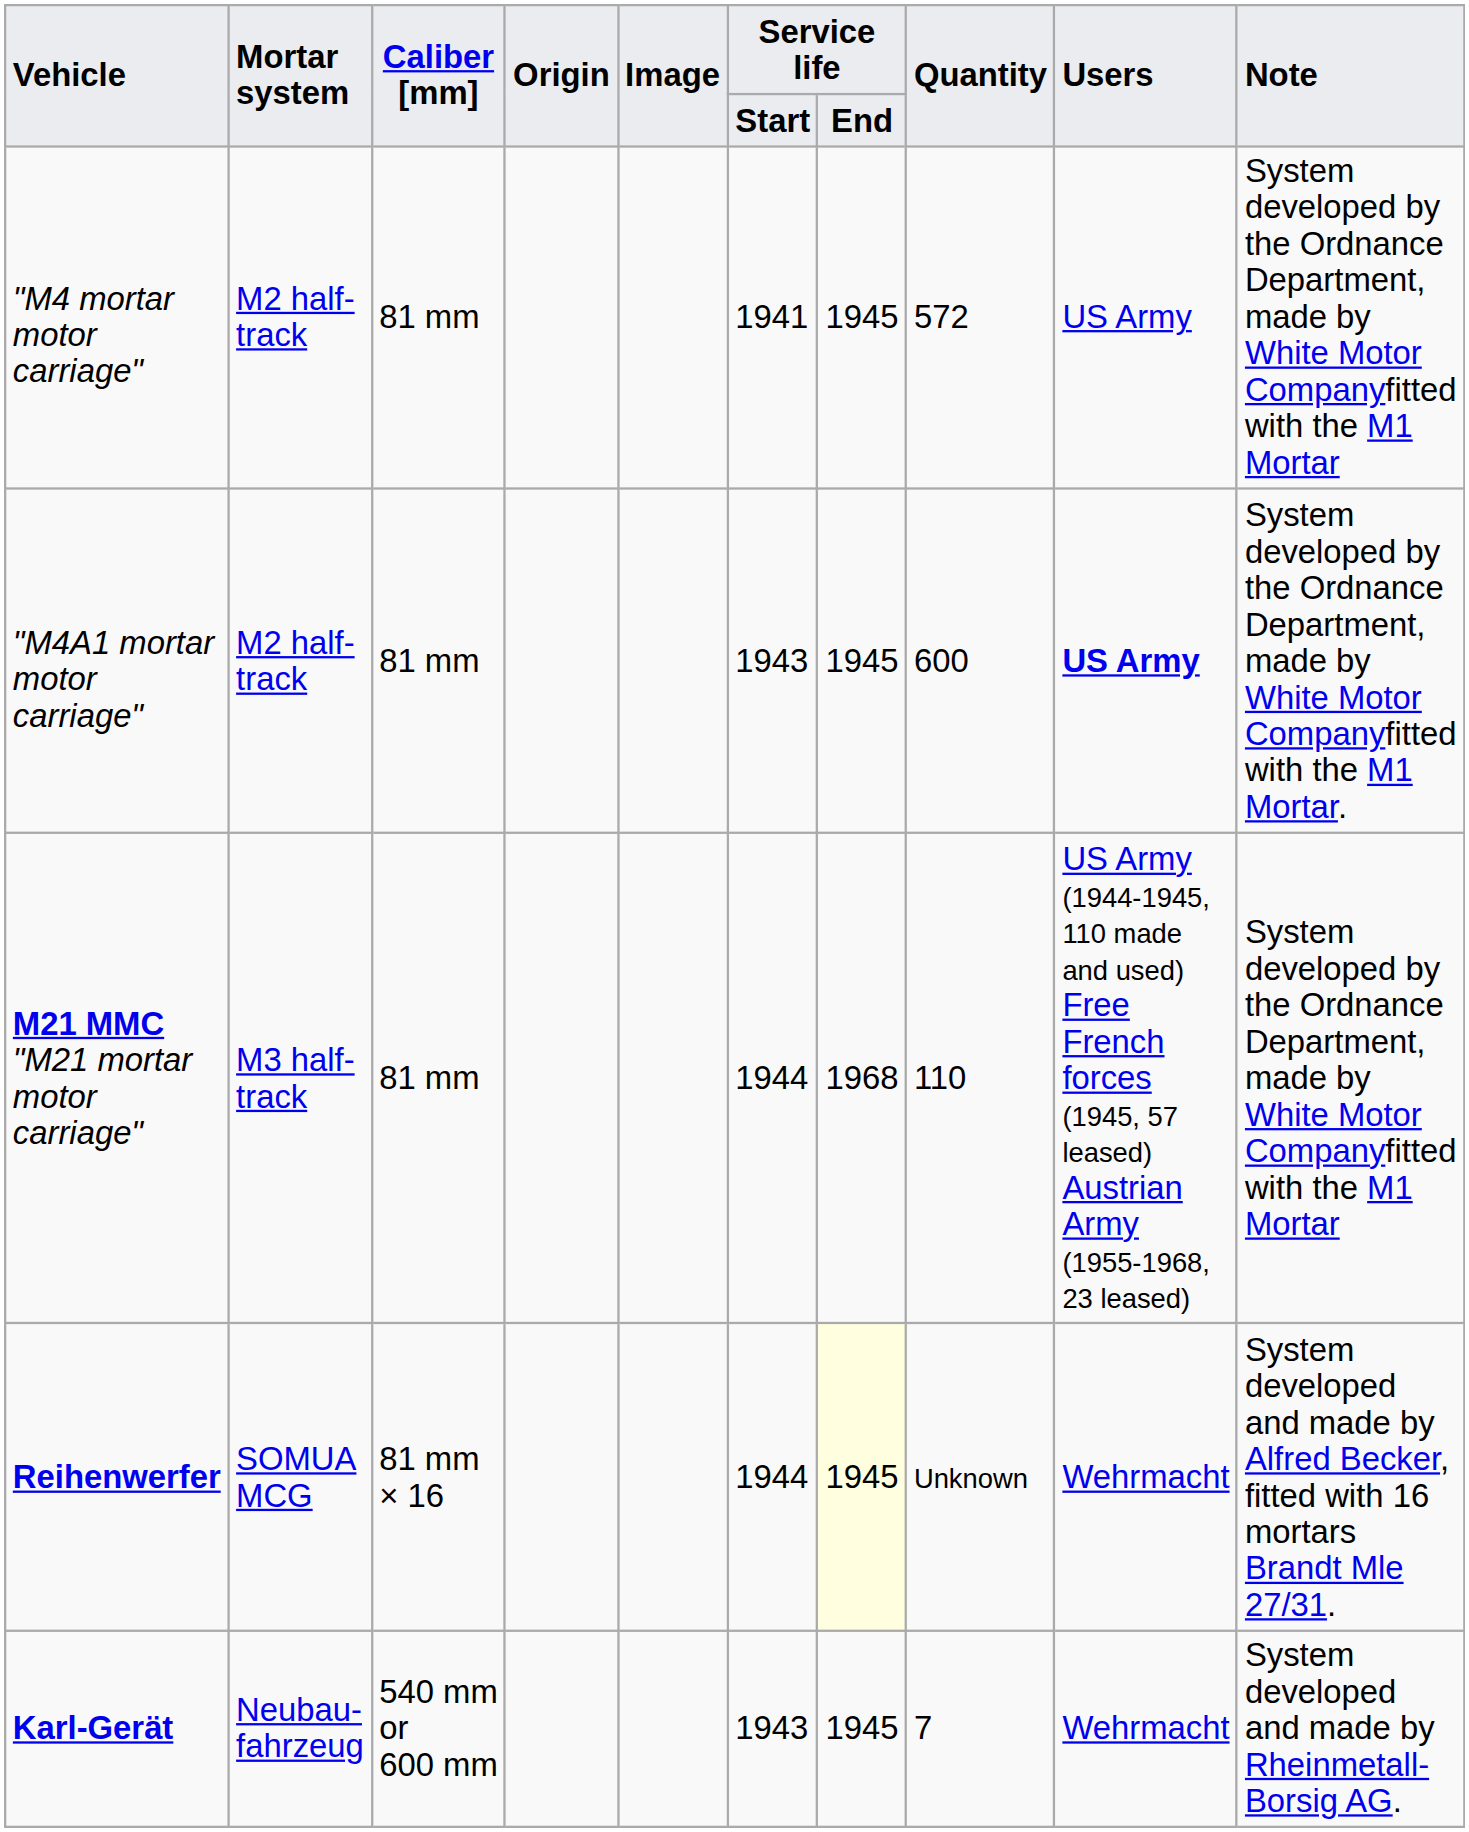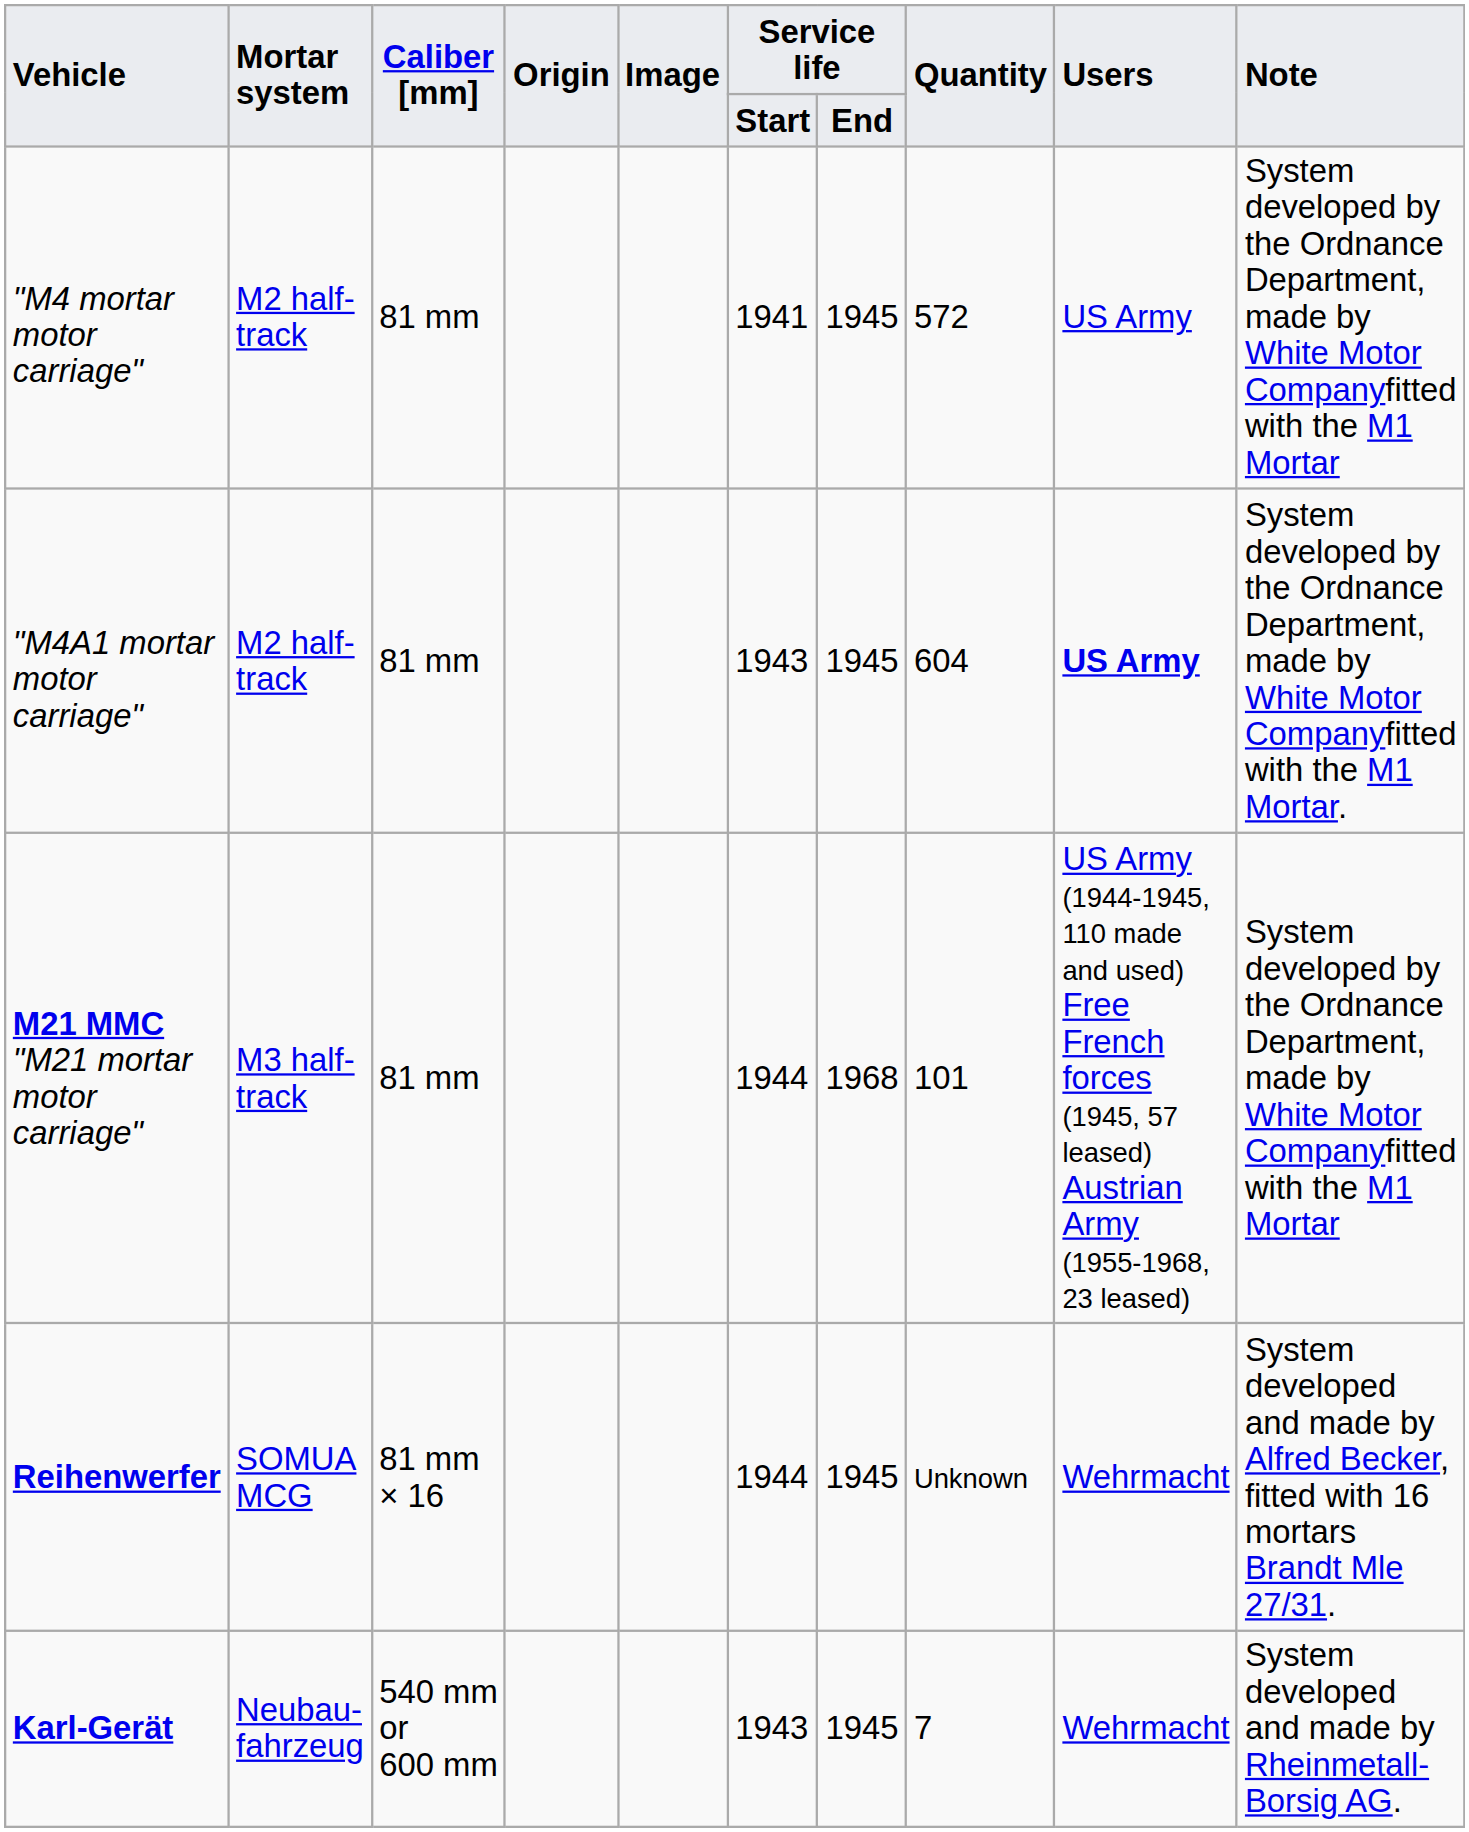 <table class="wikitable" style="font-size:90%;">
 <tr>
 <td rowspan="2" style="width:4em; background:#EAECF0"><strong>Vehicle</strong></td>
 <td rowspan="2" style="width:4em; background:#EAECF0"><strong>Mortar system</strong></td>
 <td rowspan="2" style="text-align: center;width:4em; background:#EAECF0"><strong><a href='#'>Caliber</a><br>[mm]</strong></td>
 <td rowspan="2" style="width:5em;background:#EAECF0"><strong>Origin</strong></td>
 <td rowspan="2" style="text-align: center; width:12em;background:#EAECF0"><strong>Image</strong></td>
 <td colspan="2" style="width:6em;text-align: center; background:#EAECF0"><strong>Service life</strong></td>
 <td rowspan="2" style="text-align: center;width:3em;background:#EAECF0"><strong>Quantity</strong></td>
 <td rowspan="2" style="width:8em;background:#EAECF0"><strong>Users</strong></td>
 <td rowspan="2" style="width:12em;background:#EAECF0"><strong>Note</strong></td>
 </tr>
 <tr>
 <td style="text-align: center; width:3em; background:#EAECF0"><strong>Start</strong></td>
 <td style="text-align: center; width:3em; background:#EAECF0"><strong>End</strong></td>
 </tr>
 <tr>
 <td><strong></strong><br><em>"M4 mortar motor carriage"</em></td>
 <td><a href='#'>M2 half-track</a></td>
 <td>81 mm</td>
 <td></td>
 <td></td>
 <td>1941</td>
 <td>1945</td>
 <td>572</td>
 <td> <a href='#'>US Army</a></td>
 <td>System developed by the Ordnance Department, made by <a href='#'>White Motor Company</a>fitted with the <a href='#'>M1 Mortar</a> </td>
 </tr>
 <tr>
 <td><strong></strong><br><em>"M4A1 mortar motor carriage"</em></td>
 <td><a href='#'>M2 half-track</a></td>
 <td>81 mm</td>
 <td></td>
 <td><br></td>
 <td>1943</td>
 <td>1945</td>
-<td>600</td>
+<td>604</td>
 <td><strong> <a href='#'>US Army</a></strong></td>
 <td>System developed by the Ordnance Department, made by <a href='#'>White Motor Company</a>fitted with the <a href='#'>M1 Mortar</a>.<br></td>
 </tr>
 <tr>
 <td><strong><a href='#'>M21 MMC</a></strong> <br><em>"M21 mortar motor carriage"</em></td>
 <td><a href='#'>M3 half-track</a></td>
 <td>81 mm</td>
 <td></td>
 <td></td>
 <td>1944</td>
 <td>1968</td>
-<td>110</td>
+<td>101</td>
 <td> <a href='#'>US Army</a> <br><small>(1944-1945, 110 made and used)</small><br>  <a href='#'>Free French forces</a> <br><small>(1945, 57 leased)</small><br>  <a href='#'>Austrian Army</a><br><small>(1955-1968, 23 leased)</small></td>
 <td>System developed by the Ordnance Department, made by <a href='#'>White Motor Company</a>fitted with the <a href='#'>M1 Mortar</a> </td>
 </tr>
 <tr>
 <td><strong><a href='#'>Reihenwerfer</a></strong></td>
 <td><a href='#'>SOMUA MCG</a></td>
 <td>81 mm<br>× 16</td>
 <td></td>
 <td></td>
 <td>1944</td>
-<td style="background: lightyellow;">1945</td>
+<td>1945</td>
 <td><small>Unknown</small></td>
 <td> <a href='#'>Wehrmacht</a></td>
 <td>System developed and made by <a href='#'>Alfred Becker</a>, fitted with 16 mortars <a href='#'>Brandt Mle 27/31</a>.</td>
 </tr>
 <tr>
 <td><strong><a href='#'>Karl-Gerät</a></strong></td>
 <td><a href='#'>Neubau-fahrzeug</a></td>
 <td>540 mm<br>or 600 mm</td>
 <td></td>
 <td><br></td>
 <td>1943</td>
 <td>1945</td>
 <td>7</td>
 <td> <a href='#'>Wehrmacht</a></td>
 <td>System developed and made by <a href='#'>Rheinmetall-Borsig AG</a>.</td>
 </tr>
 </table>
